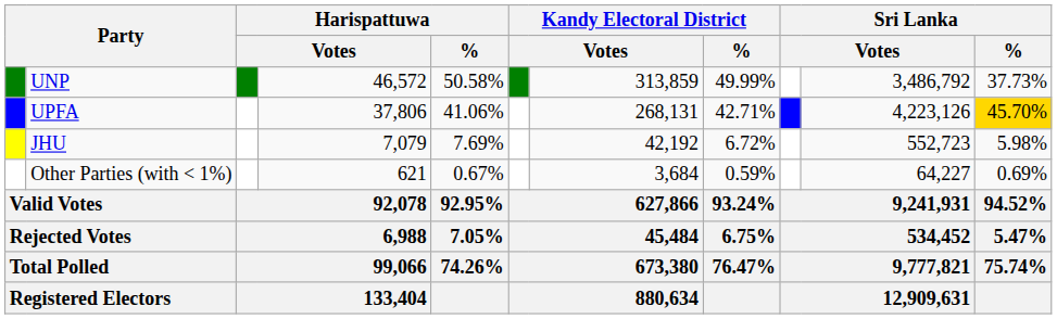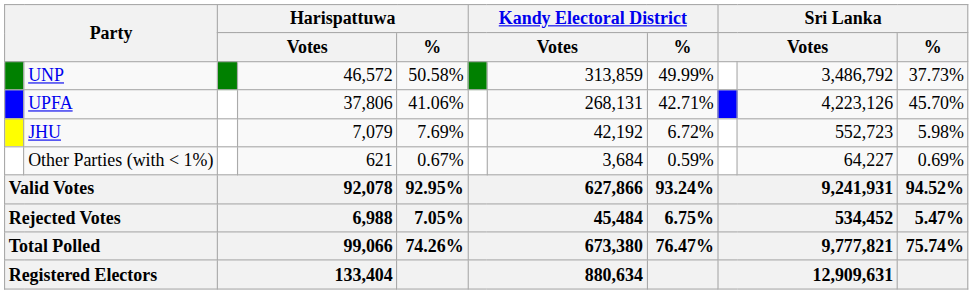 <table class="wikitable">
 <tr>
 <th colspan="2" width="144px"rowspan="2">Party</th>
 <th colspan="3" width="216px">Harispattuwa</th>
 <th colspan="3" width="216px"><a href='#'>Kandy Electoral District</a></th>
 <th colspan="3" width="216px">Sri Lanka</th>
 </tr>
 <tr>
 <th colspan="2" width="144px">Votes</th>
 <th>%</th>
 <th colspan="2" width="144px">Votes</th>
 <th>%</th>
 <th colspan="2" width="144px">Votes</th>
 <th>%</th>
 </tr>
 <tr>
 <td style="background-color:green;" width="10px"></td>
 <td style="text-align:left;"><a href='#'>UNP</a></td>
 <td style="background-color:green;" width="10px"></td>
 <td style="text-align:right;">46,572</td>
 <td style="text-align:right;">50.58%</td>
 <td style="background-color:green;" width="10px"></td>
 <td style="text-align:right;">313,859</td>
 <td style="text-align:right;">49.99%</td>
 <td style="background-color:white;" width="10px"></td>
 <td style="text-align:right;">3,486,792</td>
 <td style="text-align:right;">37.73%</td>
 </tr>
 <tr>
 <td style="background-color:blue;" width="10px"></td>
 <td style="text-align:left;"><a href='#'>UPFA</a></td>
 <td style="background-color:white;" width="10px"></td>
 <td style="text-align:right;">37,806</td>
 <td style="text-align:right;">41.06%</td>
 <td style="background-color:white;" width="10px"></td>
 <td style="text-align:right;">268,131</td>
 <td style="text-align:right;">42.71%</td>
 <td style="background-color:blue;" width="10px"></td>
 <td style="text-align:right;">4,223,126</td>
-<td style="background: gold; text-align:right;">45.70%</td>
+<td style="text-align:right;">45.70%</td>
 </tr>
 <tr>
 <td style="background-color:yellow;" width="10px"></td>
 <td style="text-align:left;"><a href='#'>JHU</a></td>
 <td style="background-color:white;" width="10px"></td>
 <td style="text-align:right;">7,079</td>
 <td style="text-align:right;">7.69%</td>
 <td style="background-color:white;" width="10px"></td>
 <td style="text-align:right;">42,192</td>
 <td style="text-align:right;">6.72%</td>
 <td style="background-color:white;" width="10px"></td>
 <td style="text-align:right;">552,723</td>
 <td style="text-align:right;">5.98%</td>
 </tr>
 <tr>
 <td style="background-color:white;" width="10px"></td>
 <td style="text-align:left;">Other Parties (with < 1%)</td>
 <td style="background-color:white;" width="10px"></td>
 <td style="text-align:right;">621</td>
 <td style="text-align:right;">0.67%</td>
 <td style="background-color:white;" width="10px"></td>
 <td style="text-align:right;">3,684</td>
 <td style="text-align:right;">0.59%</td>
 <td style="background-color:white;" width="10px"></td>
 <td style="text-align:right;">64,227</td>
 <td style="text-align:right;">0.69%</td>
 </tr>
 <tr>
 <th colspan="2" width="144px"style="text-align:left;">Valid Votes</th>
 <th style="text-align:right;"colspan="2" width="144px">92,078</th>
 <th style="text-align:right;">92.95%</th>
 <th style="text-align:right;"colspan="2" width="144px">627,866</th>
 <th style="text-align:right;">93.24%</th>
 <th style="text-align:right;"colspan="2" width="144px">9,241,931</th>
 <th style="text-align:right;">94.52%</th>
 </tr>
 <tr>
 <th colspan="2" width="144px"style="text-align:left;">Rejected Votes</th>
 <th style="text-align:right;"colspan="2" width="144px">6,988</th>
 <th style="text-align:right;">7.05%</th>
 <th style="text-align:right;"colspan="2" width="144px">45,484</th>
 <th style="text-align:right;">6.75%</th>
 <th style="text-align:right;"colspan="2" width="144px">534,452</th>
 <th style="text-align:right;">5.47%</th>
 </tr>
 <tr>
 <th colspan="2" width="144px"style="text-align:left;">Total Polled</th>
 <th style="text-align:right;"colspan="2" width="144px">99,066</th>
 <th style="text-align:right;">74.26%</th>
 <th style="text-align:right;"colspan="2" width="144px">673,380</th>
 <th style="text-align:right;">76.47%</th>
 <th style="text-align:right;"colspan="2" width="144px">9,777,821</th>
 <th style="text-align:right;">75.74%</th>
 </tr>
 <tr>
 <th colspan="2" width="144px"style="text-align:left;">Registered Electors</th>
 <th style="text-align:right;"colspan="2" width="144px">133,404</th>
 <th></th>
 <th style="text-align:right;"colspan="2" width="144px">880,634</th>
 <th></th>
 <th style="text-align:right;"colspan="2" width="144px">12,909,631</th>
 <th></th>
 </tr>
 </table>
